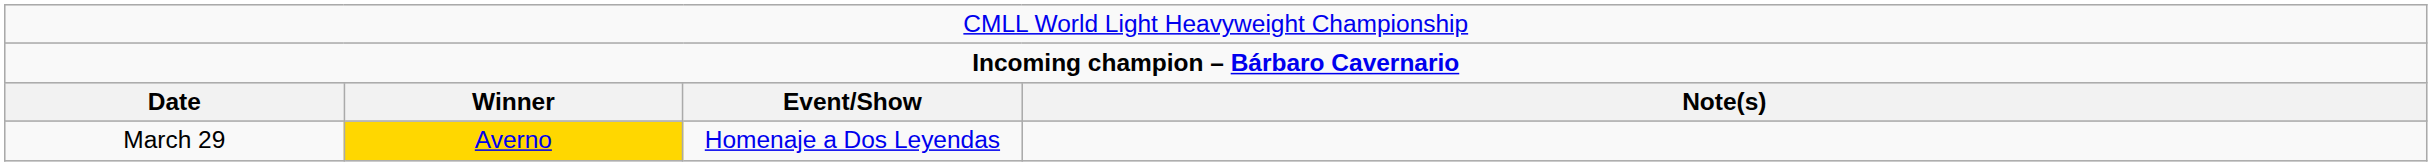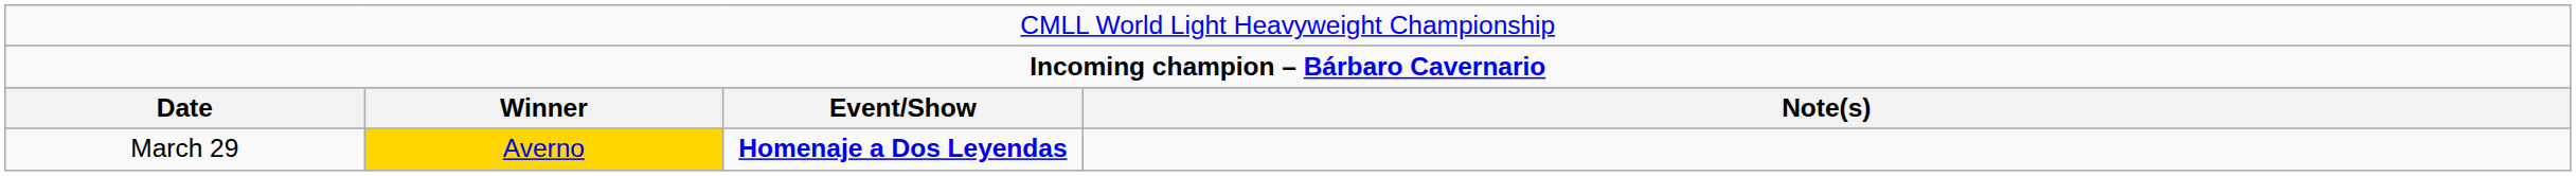 <table class="wikitable" style="text-align:center; width:100%;">
 <tr>
 <td colspan="4" style="text-align: center;"><a href='#'>CMLL World Light Heavyweight Championship</a></td>
 </tr>
 <tr>
 <td colspan="4" style="text-align: center;"><strong>Incoming champion – <a href='#'>Bárbaro Cavernario</a></strong></td>
 </tr>
 <tr>
 <th width=14%>Date</th>
 <th width=14%>Winner</th>
 <th width=14%>Event/Show</th>
 <th width=58%>Note(s)</th>
 </tr>
 <tr>
 <td>March 29</td>
 <td style="background: gold;"><a href='#'>Averno</a></td>
-<td><a href='#'>Homenaje a Dos Leyendas</a></td>
+<td><strong><a href='#'>Homenaje a Dos Leyendas</a></strong></td>
 <td></td>
 </tr>
 </table>
